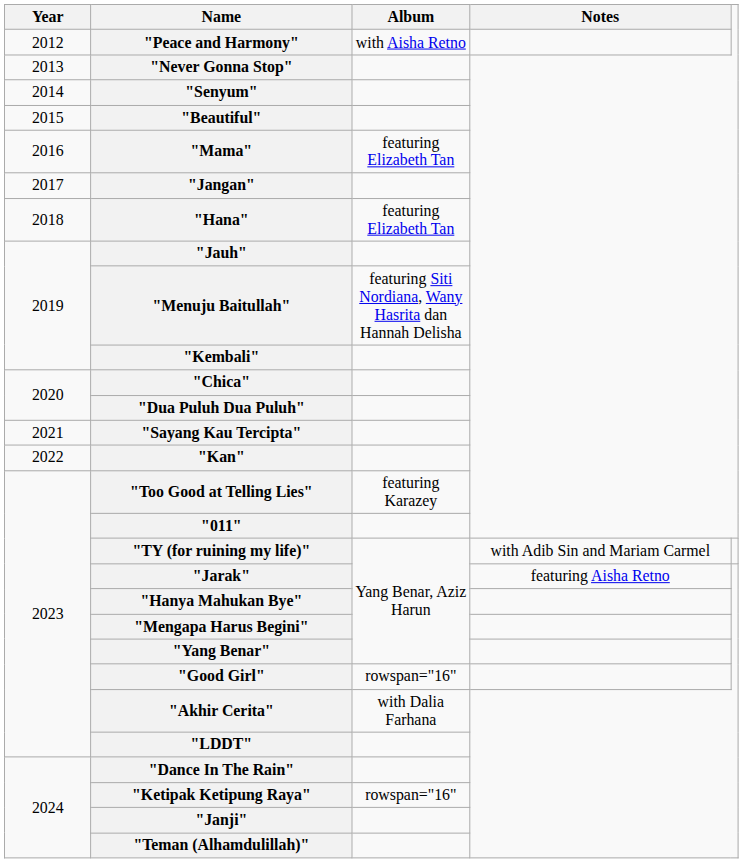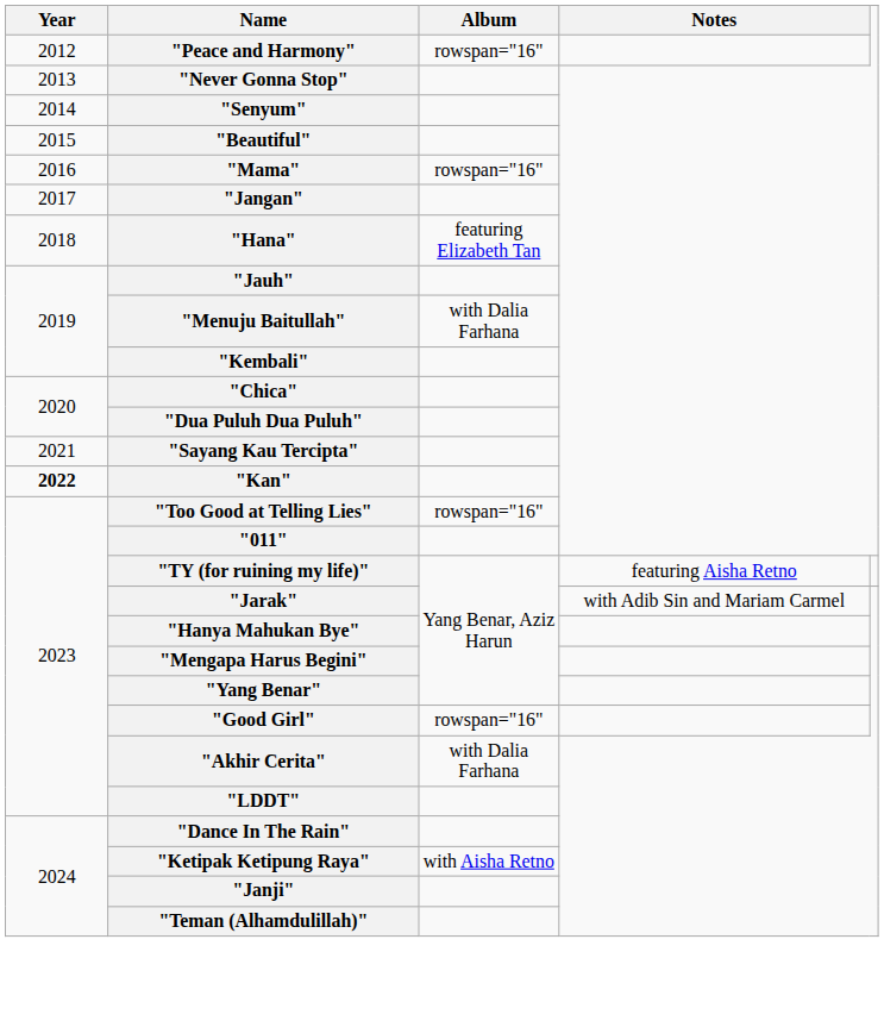 <table class="wikitable plainrowheaders" style="text-align:center;" border="1">
 <tr>
 <th scope="col" style="width:5em;">Year</th>
 <th scope="col" style="width:16em;">Name</th>
 <th scope="col" style="width:7em;">Album</th>
 <th scope="col" style="width:16em;">Notes</th>
 </tr>
 <tr>
 <td rowspan="1" style="text-align:center;">2012</td>
 <th scope="row">"Peace and Harmony"</th>
-<td>with <a href='#'>Aisha Retno</a></td>
+<td>rowspan="16" </td>
 <td></td>
 </tr>
 <tr>
 <td rowspan="1" style="text-align:center;">2013</td>
 <th scope="row">"Never Gonna Stop"</th>
 <td></td>
 </tr>
 <tr>
 <td rowspan="1" style="text-align:center;">2014</td>
 <th scope="row">"Senyum"</th>
 <td></td>
 </tr>
 <tr>
 <td rowspan="1" style="text-align:center;">2015</td>
 <th scope="row">"Beautiful"</th>
 <td></td>
 </tr>
 <tr>
 <td rowspan="1" style="text-align:center;">2016</td>
 <th scope="row">"Mama"</th>
-<td>featuring <a href='#'>Elizabeth Tan</a></td>
+<td>rowspan="16" </td>
 </tr>
 <tr>
 <td rowspan="1" style="text-align:center;">2017</td>
 <th scope="row">"Jangan"</th>
 <td></td>
 </tr>
 <tr>
 <td rowspan="1" style="text-align:center;">2018</td>
 <th scope="row">"Hana"</th>
 <td>featuring <a href='#'>Elizabeth Tan</a></td>
 </tr>
 <tr>
 <td rowspan="3" style="text-align:center;">2019</td>
 <th scope="row">"Jauh"</th>
 <td></td>
 </tr>
 <tr>
 <th scope="row">"Menuju Baitullah"</th>
-<td>featuring <a href='#'>Siti Nordiana</a>, <a href='#'>Wany Hasrita</a> dan Hannah Delisha</td>
+<td>with Dalia Farhana</td>
 </tr>
 <tr>
 <th scope="row">"Kembali"</th>
 <td></td>
 </tr>
 <tr>
 <td rowspan="2" style="text-align:center;">2020</td>
 <th scope="row">"Chica"</th>
 <td></td>
 </tr>
 <tr>
 <th scope="row">"Dua Puluh Dua Puluh"</th>
 <td></td>
 </tr>
 <tr>
 <td rowspan="1" style="text-align:center;">2021</td>
 <th scope="row">"Sayang Kau Tercipta"</th>
 <td></td>
 </tr>
 <tr>
-<td rowspan="1" style="text-align:center;">2022</td>
+<td rowspan="1" style="text-align:center;"><strong>2022</strong></td>
 <th scope="row">"Kan"</th>
 <td></td>
 </tr>
 <tr>
 <td rowspan="10" style="text-align:center;">2023</td>
 <th scope="row">"Too Good at Telling Lies"</th>
-<td>featuring Karazey</td>
+<td>rowspan="16" </td>
 </tr>
 <tr>
 <th scope="row">"011"</th>
 <td></td>
 </tr>
 <tr>
 <th scope="row">"TY (for ruining my life)"</th>
 <td rowspan="5">Yang Benar, Aziz Harun</td>
-<td>with Adib Sin and Mariam Carmel</td>
+<td>featuring <a href='#'>Aisha Retno</a></td>
 <td></td>
 </tr>
 <tr>
 <th scope="row">"Jarak"</th>
-<td>featuring <a href='#'>Aisha Retno</a></td>
+<td>with Adib Sin and Mariam Carmel</td>
 </tr>
 <tr>
 <th scope="row">"Hanya Mahukan Bye"</th>
 <td></td>
 </tr>
 <tr>
 <th scope="row">"Mengapa Harus Begini"</th>
 <td></td>
 </tr>
 <tr>
 <th scope="row">"Yang Benar"</th>
 <td></td>
 </tr>
 <tr>
 <th scope="row">"Good Girl"</th>
 <td>rowspan="16" </td>
 <td></td>
 </tr>
 <tr>
 <th scope="row">"Akhir Cerita"</th>
 <td>with Dalia Farhana</td>
 </tr>
 <tr>
 <th scope="row">"LDDT"</th>
 <td></td>
 </tr>
 <tr>
 <td rowspan="4" style="text-align:center;">2024</td>
 <th scope="row">"Dance In The Rain"</th>
 <td></td>
 </tr>
 <tr>
 <th scope="row">"Ketipak Ketipung Raya"</th>
-<td>rowspan="16" </td>
+<td>with <a href='#'>Aisha Retno</a></td>
 </tr>
 <tr>
 <th scope="row">"Janji"</th>
 <td></td>
 </tr>
 <tr>
 <th scope="row">"Teman (Alhamdulillah)"</th>
 <td></td>
 </tr>
 </table>
